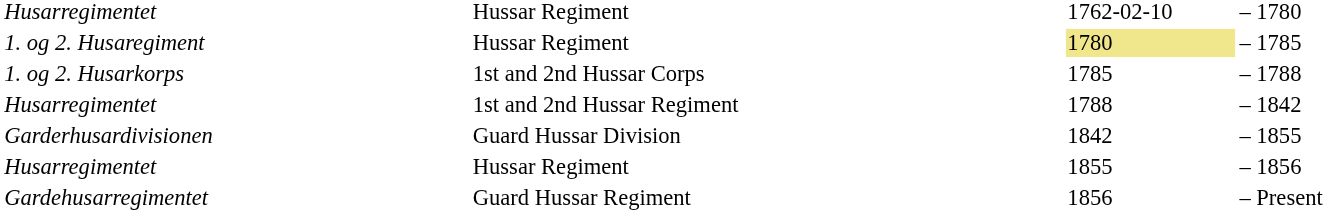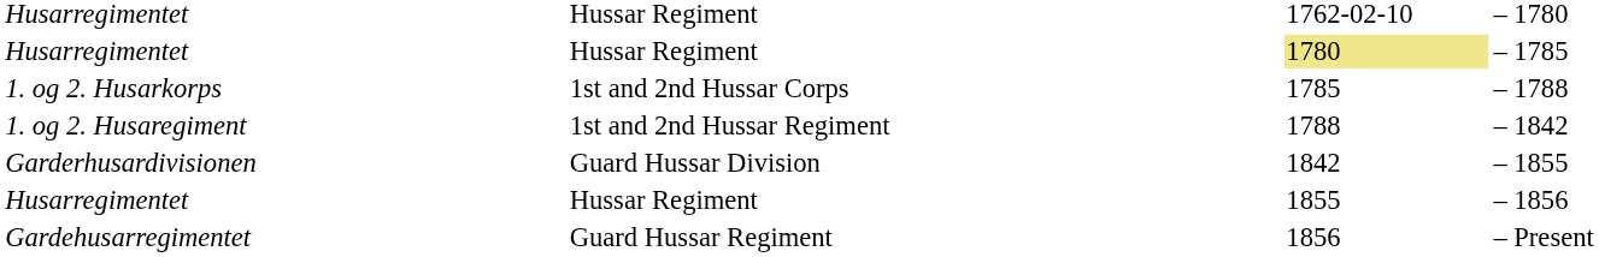 <table class="toccolours">
 <tr style="vertical-align: top;">
 <td><em>Husarregimentet</em></td>
 <td>Hussar Regiment</td>
 <td width="12%">1762-02-10</td>
 <td width="1%">–</td>
 <td width="12%">1780</td>
 </tr>
 <tr style="vertical-align: top;">
-<td><em>1. og 2. Husaregiment</em></td>
+<td><em>Husarregimentet</em></td>
 <td>Hussar Regiment</td>
 <td width="12%" style="background: khaki;">1780</td>
 <td width="1%">–</td>
 <td width="12%">1785</td>
 </tr>
 <tr style="vertical-align: top;">
 <td><em>1. og 2. Husarkorps</em></td>
 <td>1st and 2nd Hussar Corps</td>
 <td width="12%">1785</td>
 <td width="1%">–</td>
 <td width="12%">1788</td>
 </tr>
 <tr style="vertical-align: top;">
-<td><em>Husarregimentet</em></td>
+<td><em>1. og 2. Husaregiment</em></td>
 <td>1st and 2nd Hussar Regiment</td>
 <td width="12%">1788</td>
 <td width="1%">–</td>
 <td width="12%">1842</td>
 </tr>
 <tr style="vertical-align: top;">
 <td><em>Garderhusardivisionen</em></td>
 <td>Guard Hussar Division</td>
 <td width="12%">1842</td>
 <td width="1%">–</td>
 <td width="12%">1855</td>
 </tr>
 <tr style="vertical-align: top;">
 <td><em>Husarregimentet</em></td>
 <td>Hussar Regiment</td>
 <td width="12%">1855</td>
 <td width="1%">–</td>
 <td width="12%">1856</td>
 </tr>
 <tr style="vertical-align: top;">
 <td><em>Gardehusarregimentet</em></td>
 <td>Guard Hussar Regiment</td>
 <td width="12%">1856</td>
 <td width="1%">–</td>
 <td width="12%">Present</td>
 </tr>
 </table>
